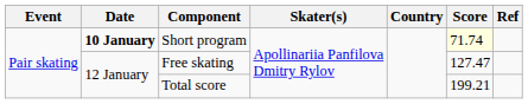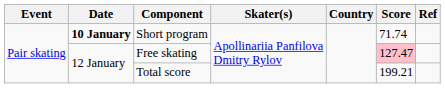 <table class="wikitable">
 <tr>
 <th>Event</th>
 <th>Date</th>
 <th>Component</th>
 <th>Skater(s)</th>
 <th>Country</th>
 <th>Score</th>
 <th>Ref</th>
 </tr>
 <tr>
 <td rowspan=3><a href='#'>Pair skating</a></td>
 <td><strong>10 January</strong></td>
 <td>Short program</td>
 <td rowspan=3><a href='#'>Apollinariia Panfilova</a><br><a href='#'>Dmitry Rylov</a></td>
 <td rowspan=3></td>
-<td style="background: lightyellow;">71.74</td>
+<td>71.74</td>
 <td align=center></td>
 </tr>
 <tr>
 <td rowspan=2>12 January</td>
 <td>Free skating</td>
-<td>127.47</td>
+<td style="background: pink;">127.47</td>
 <td align=center></td>
 </tr>
 <tr>
 <td>Total score</td>
 <td>199.21</td>
 <td align=center></td>
 </tr>
 </table>
